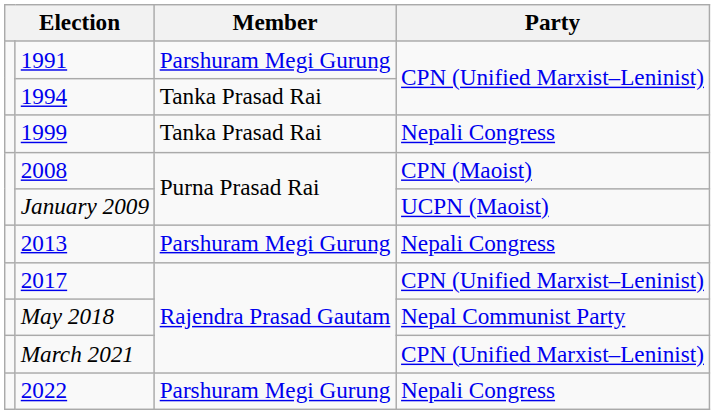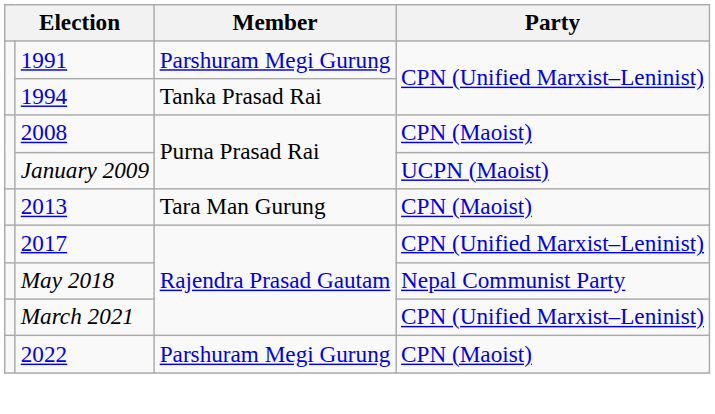 <table class="wikitable">
 <tr>
 <th colspan="2">Election</th>
 <th>Member</th>
 <th>Party</th>
 </tr>
 <tr>
 <td rowspan="2" style="background-color:"></td>
 <td><a href='#'>1991</a></td>
 <td><a href='#'>Parshuram Megi Gurung</a></td>
 <td rowspan="2"><a href='#'>CPN (Unified Marxist–Leninist)</a></td>
 </tr>
 <tr>
 <td><a href='#'>1994</a></td>
 <td>Tanka Prasad Rai</td>
 </tr>
 <tr>
-<td style="background-color:"></td>
-<td><a href='#'>1999</a></td>
-<td>Tanka Prasad Rai</td>
-<td><a href='#'>Nepali Congress</a></td>
-</tr>
-<tr>
 <td rowspan="2" style="background-color:"></td>
 <td><a href='#'>2008</a></td>
 <td rowspan="2">Purna Prasad Rai</td>
 <td><a href='#'>CPN (Maoist)</a></td>
 </tr>
 <tr>
 <td><em>January 2009</em></td>
 <td><a href='#'>UCPN (Maoist)</a></td>
 </tr>
 <tr>
 <td style="background-color:"></td>
 <td><a href='#'>2013</a></td>
-<td><a href='#'>Parshuram Megi Gurung</a></td>
-<td><a href='#'>Nepali Congress</a></td>
+<td>Tara Man Gurung</td>
+<td><a href='#'>CPN (Maoist)</a></td>
 </tr>
 <tr>
 <td style="background-color:"></td>
 <td><a href='#'>2017</a></td>
 <td rowspan="3"><a href='#'>Rajendra Prasad Gautam</a></td>
 <td><a href='#'>CPN (Unified Marxist–Leninist)</a></td>
 </tr>
 <tr>
 <td style="background-color:"></td>
 <td><em>May 2018</em></td>
 <td><a href='#'>Nepal Communist Party</a></td>
 </tr>
 <tr>
 <td style="background-color:"></td>
 <td><em>March 2021</em></td>
 <td><a href='#'>CPN (Unified Marxist–Leninist)</a></td>
 </tr>
 <tr>
 <td style="background-color:"></td>
 <td><a href='#'>2022</a></td>
 <td><a href='#'>Parshuram Megi Gurung</a></td>
-<td><a href='#'>Nepali Congress</a></td>
+<td><a href='#'>CPN (Maoist)</a></td>
 </tr>
 </table>
